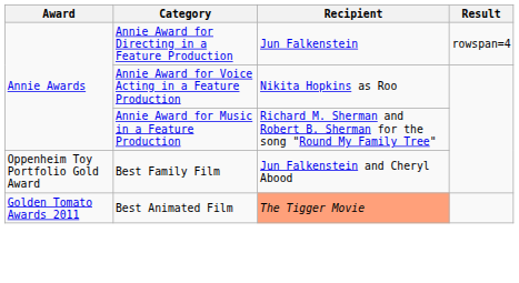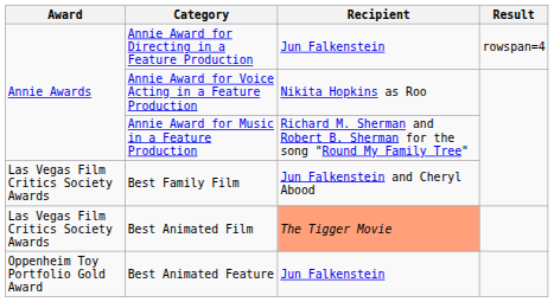 <table class="wikitable sortable">
 <tr>
 <th>Award</th>
 <th>Category</th>
 <th>Recipient</th>
 <th>Result</th>
 </tr>
 <tr>
 <td rowspan=3><a href='#'>Annie Awards</a></td>
 <td><a href='#'>Annie Award for Directing in a Feature Production</a></td>
 <td><a href='#'>Jun Falkenstein</a></td>
 <td>rowspan=4 </td>
 </tr>
 <tr>
 <td><a href='#'>Annie Award for Voice Acting in a Feature Production</a></td>
 <td><a href='#'>Nikita Hopkins</a> as Roo</td>
 </tr>
 <tr>
 <td><a href='#'>Annie Award for Music in a Feature Production</a></td>
 <td><a href='#'>Richard M. Sherman</a> and <a href='#'>Robert B. Sherman</a> for the song "<a href='#'>Round My Family Tree</a>"</td>
 </tr>
 <tr>
-<td>Oppenheim Toy Portfolio Gold Award</td>
+<td>Las Vegas Film Critics Society Awards</td>
 <td>Best Family Film</td>
 <td><a href='#'>Jun Falkenstein</a> and Cheryl Abood</td>
 </tr>
 <tr>
-<td><a href='#'>Golden Tomato Awards 2011</a></td>
+<td>Las Vegas Film Critics Society Awards</td>
 <td>Best Animated Film</td>
 <td style="background: lightsalmon;"><em>The Tigger Movie</em></td>
 <td></td>
 </tr>
+<tr>
+<td>Oppenheim Toy Portfolio Gold Award</td>
+<td>Best Animated Feature</td>
+<td><a href='#'>Jun Falkenstein</a></td>
+<td></td>
+</tr>
 </table>
